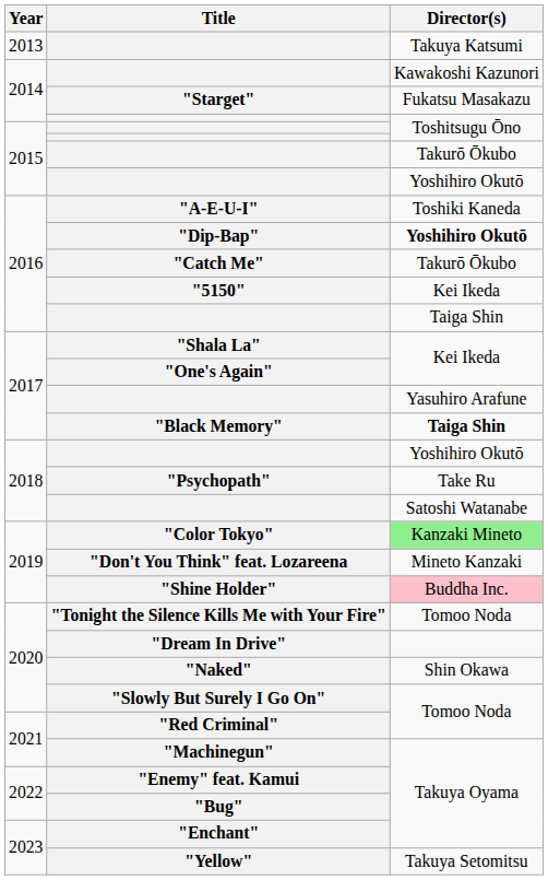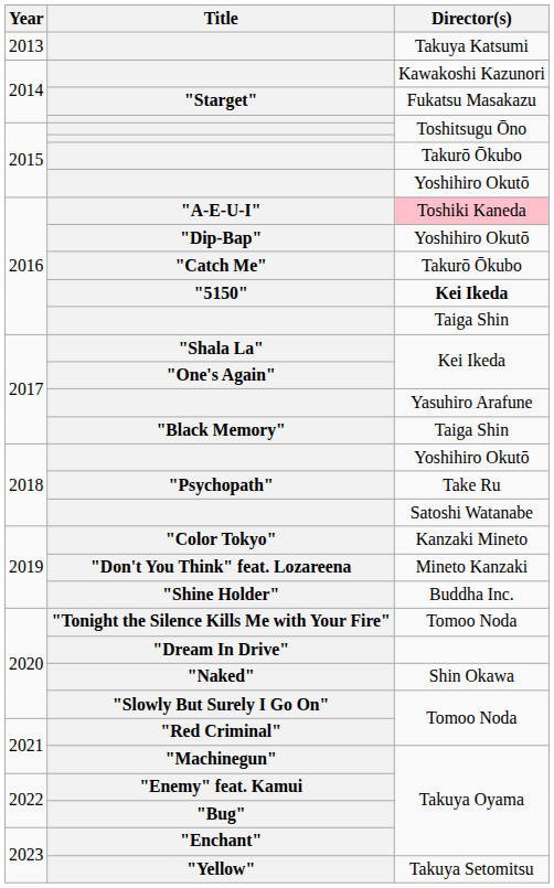 <table class="wikitable plainrowheaders" style="text-align:center;">
 <tr>
 <th scope="col">Year</th>
 <th scope="col">Title</th>
 <th scope="col">Director(s)</th>
 </tr>
 <tr>
 <td>2013</td>
 <th scope="row"></th>
 <td>Takuya Katsumi</td>
 </tr>
 <tr>
 <td rowspan="3">2014</td>
 <th scope="row"></th>
 <td>Kawakoshi Kazunori</td>
 </tr>
 <tr>
 <th scope="row">"Starget"</th>
 <td>Fukatsu Masakazu</td>
 </tr>
 <tr>
 <th scope="row"></th>
 <td rowspan="3">Toshitsugu Ōno</td>
 </tr>
 <tr>
 <td rowspan="4">2015</td>
 <th scope="row"></th>
 </tr>
 <tr>
 <th scope="row"></th>
 </tr>
 <tr>
 <th scope="row"></th>
 <td>Takurō Ōkubo</td>
 </tr>
 <tr>
 <th scope="row"></th>
 <td>Yoshihiro Okutō</td>
 </tr>
 <tr>
 <td rowspan="5">2016</td>
 <th scope="row">"A-E-U-I"</th>
-<td>Toshiki Kaneda</td>
+<td style="background: pink;">Toshiki Kaneda</td>
 </tr>
 <tr>
 <th scope="row">"Dip-Bap"</th>
-<td><strong>Yoshihiro Okutō</strong></td>
+<td>Yoshihiro Okutō</td>
 </tr>
 <tr>
 <th scope="row">"Catch Me"</th>
 <td>Takurō Ōkubo</td>
 </tr>
 <tr>
 <th scope="row">"5150"</th>
-<td>Kei Ikeda</td>
+<td><strong>Kei Ikeda</strong></td>
 </tr>
 <tr>
 <th scope="row"></th>
 <td>Taiga Shin</td>
 </tr>
 <tr>
 <td rowspan="4">2017</td>
 <th scope="row">"Shala La"</th>
 <td rowspan="2">Kei Ikeda</td>
 </tr>
 <tr>
 <th scope="row">"One's Again"</th>
 </tr>
 <tr>
 <th scope="row"></th>
 <td>Yasuhiro Arafune</td>
 </tr>
 <tr>
 <th scope="row">"Black Memory"</th>
-<td><strong>Taiga Shin</strong></td>
+<td>Taiga Shin</td>
 </tr>
 <tr>
 <td rowspan="3">2018</td>
 <th scope="row"></th>
 <td>Yoshihiro Okutō</td>
 </tr>
 <tr>
 <th scope="row">"Psychopath"</th>
 <td>Take Ru</td>
 </tr>
 <tr>
 <th scope="row"></th>
 <td>Satoshi Watanabe</td>
 </tr>
 <tr>
 <td rowspan="3">2019</td>
 <th scope="row">"Color Tokyo"</th>
-<td style="background: lightgreen;">Kanzaki Mineto</td>
+<td>Kanzaki Mineto</td>
 </tr>
 <tr>
 <th scope="row">"Don't You Think" feat. Lozareena</th>
 <td>Mineto Kanzaki</td>
 </tr>
 <tr>
 <th scope="row">"Shine Holder"</th>
-<td style="background: pink;">Buddha Inc.</td>
+<td>Buddha Inc.</td>
 </tr>
 <tr>
 <td rowspan="4">2020</td>
 <th scope="row">"Tonight the Silence Kills Me with Your Fire"</th>
 <td>Tomoo Noda</td>
 </tr>
 <tr>
 <th scope="row">"Dream In Drive"</th>
 <td></td>
 </tr>
 <tr>
 <th scope="row">"Naked"</th>
 <td>Shin Okawa</td>
 </tr>
 <tr>
 <th scope="row">"Slowly But Surely I Go On"</th>
 <td rowspan="2">Tomoo Noda</td>
 </tr>
 <tr>
 <td rowspan="2">2021</td>
 <th scope="row">"Red Criminal"</th>
 </tr>
 <tr>
 <th scope="row">"Machinegun"</th>
 <td rowspan="4">Takuya Oyama</td>
 </tr>
 <tr>
 <td rowspan="2">2022</td>
 <th scope="row">"Enemy" feat. Kamui</th>
 </tr>
 <tr>
 <th scope="row">"Bug"</th>
 </tr>
 <tr>
 <td rowspan="2">2023</td>
 <th scope="row">"Enchant"</th>
 </tr>
 <tr>
 <th scope="row">"Yellow"</th>
 <td>Takuya Setomitsu</td>
 </tr>
 </table>
